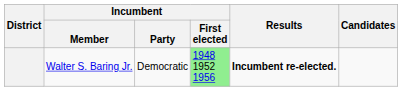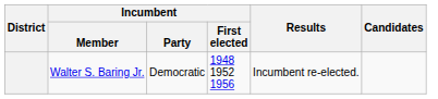 <table class="wikitable sortable">
 <tr>
 <th rowspan=2>District</th>
 <th colspan=3>Incumbent</th>
 <th rowspan=2>Results</th>
 <th rowspan=2 class="unsortable">Candidates</th>
 </tr>
 <tr valign=bottom>
 <th>Member</th>
 <th>Party</th>
 <th>First<br>elected</th>
 </tr>
 <tr>
 <th></th>
 <td><a href='#'>Walter S. Baring Jr.</a></td>
 <td>Democratic</td>
-<td style="background: lightgreen;"><a href='#'>1948</a><br>1952 <br><a href='#'>1956</a></td>
-<td><strong>Incumbent re-elected.</strong></td>
+<td><a href='#'>1948</a><br>1952 <br><a href='#'>1956</a></td>
+<td>Incumbent re-elected.</td>
 <td nowrap></td>
 </tr>
 </table>
